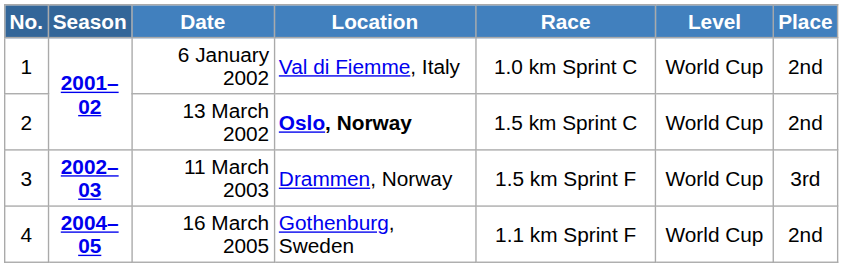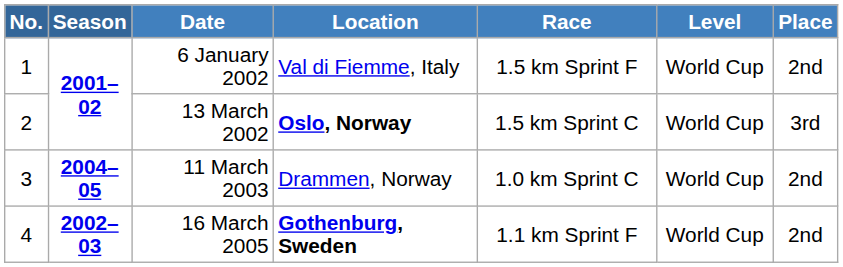 <table class="wikitable sortable" style="font-size:95%; text-align:center; border:grey solid 1px; border-collapse:collapse; background:#ffffff;">
 <tr style="background:#efefef;">
 <th style="background-color:#369; color:white;">No.</th>
 <th style="background-color:#369; color:white;">Season</th>
 <th style="background-color:#4180be; color:white; width:120px;">Date</th>
 <th style="background-color:#4180be; color:white; width:170px;">Location</th>
 <th style="background-color:#4180be; color:white; width:170px;">Race</th>
 <th style="background-color:#4180be; color:white; width:100px;">Level</th>
 <th style="background-color:#4180be; color:white;">Place</th>
 </tr>
 <tr>
 <td align=center>1</td>
 <td rowspan=2 align=center><strong><a href='#'>2001–02</a></strong></td>
 <td align=right>6 January 2002</td>
 <td align=left> <a href='#'>Val di Fiemme</a>, Italy</td>
-<td>1.0 km Sprint C</td>
+<td>1.5 km Sprint F</td>
 <td>World Cup</td>
 <td>2nd</td>
 </tr>
 <tr>
 <td align=center>2</td>
 <td align=right>13 March 2002</td>
 <td align=left><strong> <a href='#'>Oslo</a>, Norway</strong></td>
 <td>1.5 km Sprint C</td>
 <td>World Cup</td>
+<td>3rd</td>
+</tr>
+<tr>
+<td align=center>3</td>
+<td rowspan=1 align=center><strong><a href='#'>2004–05</a></strong></td>
+<td align=right>11 March 2003</td>
+<td align=left> <a href='#'>Drammen</a>, Norway</td>
+<td>1.0 km Sprint C</td>
+<td>World Cup</td>
 <td>2nd</td>
 </tr>
 <tr>
-<td align=center>3</td>
+<td align=center>4</td>
 <td rowspan=1 align=center><strong><a href='#'>2002–03</a></strong></td>
-<td align=right>11 March 2003</td>
-<td align=left> <a href='#'>Drammen</a>, Norway</td>
-<td>1.5 km Sprint F</td>
-<td>World Cup</td>
-<td>3rd</td>
-</tr>
-<tr>
-<td align=center>4</td>
-<td rowspan=1 align=center><strong><a href='#'>2004–05</a></strong></td>
 <td align=right>16 March 2005</td>
-<td align=left> <a href='#'>Gothenburg</a>, Sweden</td>
+<td align=left><strong> <a href='#'>Gothenburg</a>, Sweden</strong></td>
 <td>1.1 km Sprint F</td>
 <td>World Cup</td>
 <td>2nd</td>
 </tr>
 </table>
